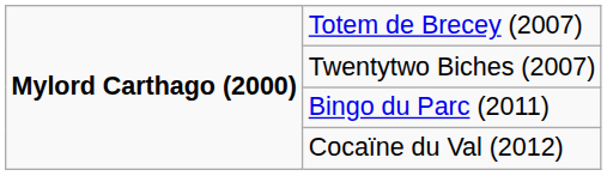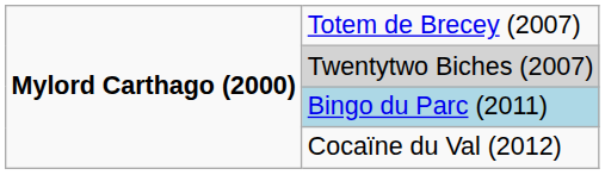 <table class="wikitable">
 <tr>
 <td rowspan="4"><strong>Mylord Carthago (2000)</strong></td>
 <td><a href='#'>Totem de Brecey</a> (2007)</td>
 </tr>
 <tr>
-<td>Twentytwo Biches (2007)</td>
+<td style="background: lightgrey;">Twentytwo Biches (2007)</td>
 </tr>
 <tr>
-<td><a href='#'>Bingo du Parc</a> (2011)</td>
+<td style="background: lightblue;"><a href='#'>Bingo du Parc</a> (2011)</td>
 </tr>
 <tr>
 <td>Cocaïne du Val (2012)</td>
 </tr>
 </table>
